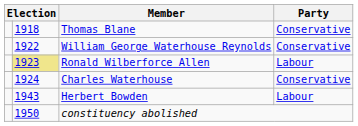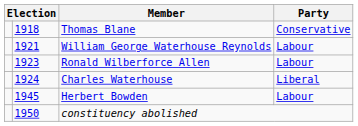 <table class="wikitable">
 <tr>
 <th colspan="2">Election</th>
 <th>Member</th>
 <th>Party</th>
 </tr>
 <tr>
 <td style="color:inherit;background-color: "></td>
 <td><a href='#'>1918</a></td>
 <td><a href='#'>Thomas Blane</a></td>
 <td><a href='#'>Conservative</a></td>
 </tr>
 <tr>
 <td style="color:inherit;background-color: "></td>
-<td><a href='#'>1922</a></td>
+<td><a href='#'>1921</a></td>
 <td><a href='#'>William George Waterhouse Reynolds</a></td>
-<td><a href='#'>Conservative</a></td>
+<td><a href='#'>Labour</a></td>
 </tr>
 <tr>
 <td style="color:inherit;background-color: "></td>
-<td style="background: khaki;"><a href='#'>1923</a></td>
+<td><a href='#'>1923</a></td>
 <td><a href='#'>Ronald Wilberforce Allen</a></td>
 <td><a href='#'>Labour</a></td>
 </tr>
 <tr>
 <td style="color:inherit;background-color: "></td>
 <td><a href='#'>1924</a></td>
 <td><a href='#'>Charles Waterhouse</a></td>
-<td><a href='#'>Conservative</a></td>
+<td><a href='#'>Liberal</a></td>
 </tr>
 <tr>
 <td style="color:inherit;background-color: "></td>
-<td><a href='#'>1943</a></td>
+<td><a href='#'>1945</a></td>
 <td><a href='#'>Herbert Bowden</a></td>
 <td><a href='#'>Labour</a></td>
 </tr>
 <tr>
 <td></td>
 <td><a href='#'>1950</a></td>
 <td colspan="2"><em>constituency abolished</em></td>
 </tr>
 </table>
